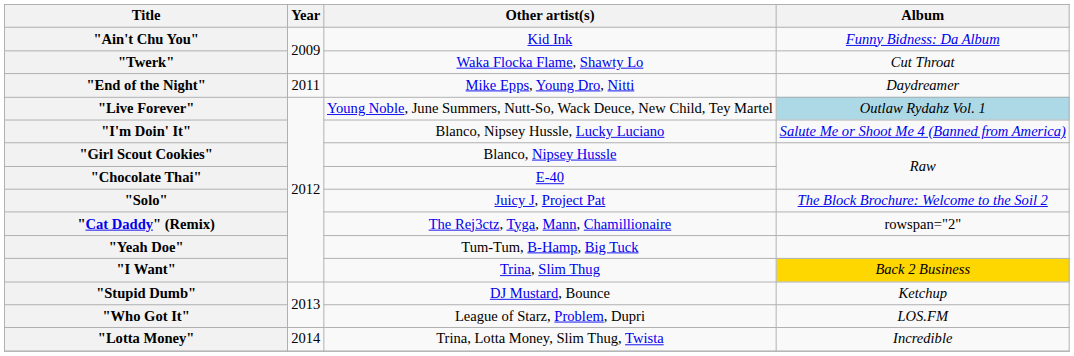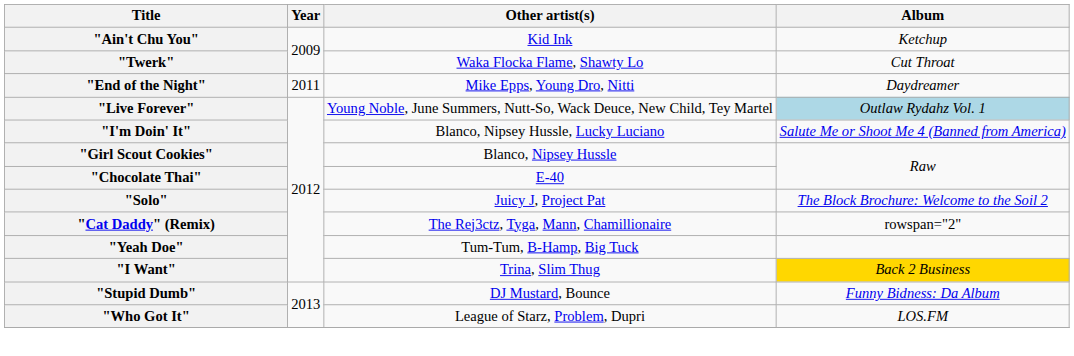 <table class="wikitable plainrowheaders" style="text-align:center;">
 <tr>
 <th scope="col" style="width:19em;">Title</th>
 <th scope="col">Year</th>
 <th scope="col">Other artist(s)</th>
 <th scope="col">Album</th>
 </tr>
 <tr>
 <th scope="row">"Ain't Chu You"</th>
 <td rowspan="2">2009</td>
 <td><a href='#'>Kid Ink</a></td>
-<td><em><a href='#'>Funny Bidness: Da Album</a></em></td>
+<td><em>Ketchup</em></td>
 </tr>
 <tr>
 <th scope="row">"Twerk"</th>
 <td><a href='#'>Waka Flocka Flame</a>, <a href='#'>Shawty Lo</a></td>
 <td><em>Cut Throat</em></td>
 </tr>
 <tr>
 <th scope="row">"End of the Night"</th>
 <td>2011</td>
 <td><a href='#'>Mike Epps</a>, <a href='#'>Young Dro</a>, <a href='#'>Nitti</a></td>
 <td><em>Daydreamer</em></td>
 </tr>
 <tr>
 <th scope="row">"Live Forever"</th>
 <td rowspan="8">2012</td>
 <td><a href='#'>Young Noble</a>, June Summers, Nutt-So, Wack Deuce, New Child, Tey Martel</td>
 <td style="background: lightblue;"><em>Outlaw Rydahz Vol. 1</em></td>
 </tr>
 <tr>
 <th scope="row">"I'm Doin' It"</th>
 <td>Blanco, Nipsey Hussle, <a href='#'>Lucky Luciano</a></td>
 <td><em><a href='#'>Salute Me or Shoot Me 4 (Banned from America)</a></em></td>
 </tr>
 <tr>
 <th scope="row">"Girl Scout Cookies"</th>
 <td>Blanco, <a href='#'>Nipsey Hussle</a></td>
 <td rowspan="2"><em>Raw</em></td>
 </tr>
 <tr>
 <th scope="row">"Chocolate Thai"</th>
 <td><a href='#'>E-40</a></td>
 </tr>
 <tr>
 <th scope="row">"Solo"</th>
 <td><a href='#'>Juicy J</a>, <a href='#'>Project Pat</a></td>
 <td><em><a href='#'>The Block Brochure: Welcome to the Soil 2</a></em></td>
 </tr>
 <tr>
 <th scope="row">"<a href='#'>Cat Daddy</a>" (Remix)</th>
 <td><a href='#'>The Rej3ctz</a>, <a href='#'>Tyga</a>, <a href='#'>Mann</a>, <a href='#'>Chamillionaire</a></td>
 <td>rowspan="2" </td>
 </tr>
 <tr>
 <th scope="row">"Yeah Doe"</th>
 <td>Tum-Tum, <a href='#'>B-Hamp</a>, <a href='#'>Big Tuck</a></td>
 </tr>
 <tr>
 <th scope="row">"I Want"</th>
 <td><a href='#'>Trina</a>, <a href='#'>Slim Thug</a></td>
 <td style="background: gold;"><em>Back 2 Business</em></td>
 </tr>
 <tr>
 <th scope="row">"Stupid Dumb"</th>
 <td rowspan="2">2013</td>
 <td><a href='#'>DJ Mustard</a>, Bounce</td>
-<td><em>Ketchup</em></td>
+<td><em><a href='#'>Funny Bidness: Da Album</a></em></td>
 </tr>
 <tr>
 <th scope="row">"Who Got It"</th>
 <td>League of Starz, <a href='#'>Problem</a>, Dupri</td>
 <td><em>LOS.FM</em></td>
 </tr>
 <tr>
-<th scope="row">"Lotta Money"</th>
-<td>2014</td>
-<td>Trina, Lotta Money, Slim Thug, <a href='#'>Twista</a></td>
-<td><em>Incredible</em></td>
-</tr>
-<tr>
 </tr>
 </table>
